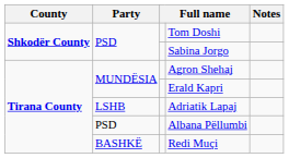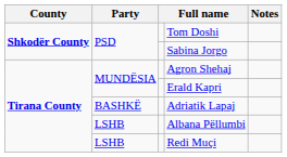 <table class="wikitable">
 <tr>
 <th>County</th>
 <th>Party</th>
 <th colspan="2">Full name</th>
 <th>Notes</th>
 </tr>
 <tr>
 <td rowspan="2"><strong><a href='#'>Shkodër County</a></strong></td>
 <td rowspan="2"><a href='#'>PSD</a></td>
 <td></td>
 <td><a href='#'>Tom Doshi</a></td>
 <td></td>
 </tr>
 <tr>
 <td></td>
 <td><a href='#'>Sabina Jorgo</a></td>
 <td></td>
 </tr>
 <tr>
 <td rowspan="5"><strong><a href='#'>Tirana County</a></strong></td>
 <td rowspan="2"><a href='#'>MUNDËSIA</a></td>
 <td></td>
 <td><a href='#'>Agron Shehaj</a></td>
 <td></td>
 </tr>
 <tr>
 <td></td>
 <td><a href='#'>Erald Kapri</a></td>
 <td></td>
 </tr>
 <tr>
-<td><a href='#'>LSHB</a></td>
+<td><a href='#'>BASHKË</a></td>
 <td></td>
 <td><a href='#'>Adriatik Lapaj</a></td>
 <td></td>
 </tr>
 <tr>
-<td>PSD</td>
+<td><a href='#'>LSHB</a></td>
 <td></td>
 <td><a href='#'>Albana Pëllumbi</a></td>
 <td></td>
 </tr>
 <tr>
-<td><a href='#'>BASHKË</a></td>
+<td><a href='#'>LSHB</a></td>
 <td></td>
 <td><a href='#'>Redi Muçi</a></td>
 <td></td>
 </tr>
 </table>
